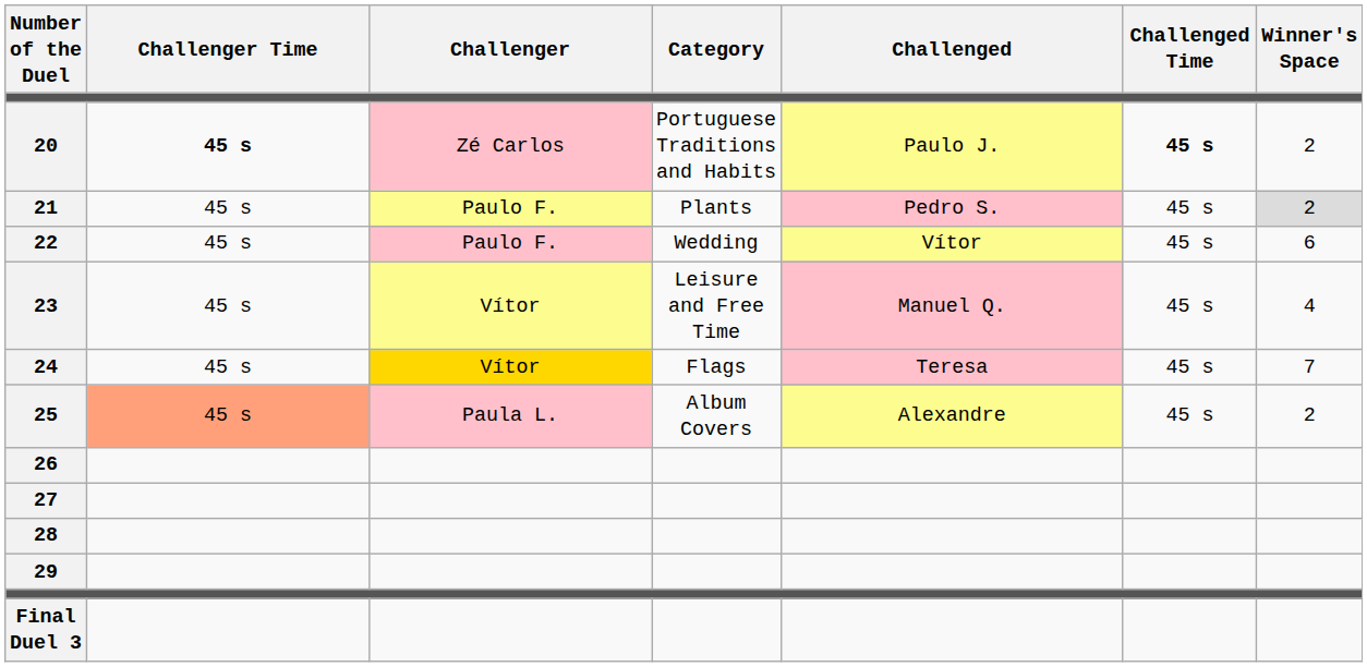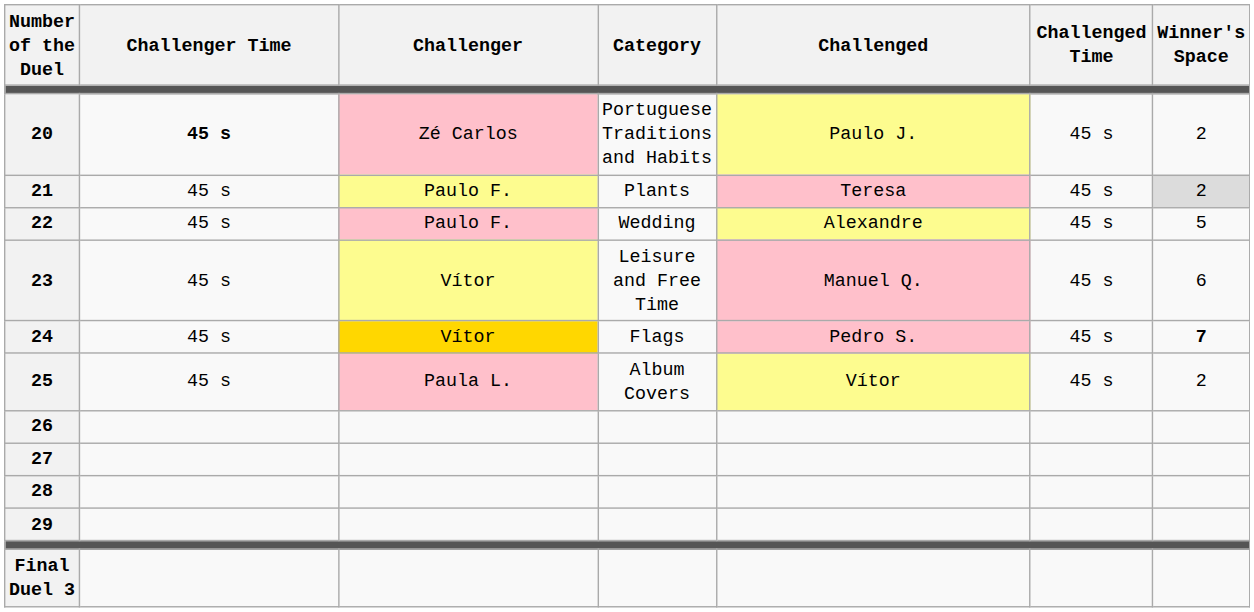 <table class="wikitable" style="text-align:center; line-height:17px; width:100%">
 <tr>
 <th rowspan="1" scope="col" style="width:02%">Number of the Duel</th>
 <th rowspan="1" scope="col" style="width:25%">Challenger Time</th>
 <th rowspan="1" scope="col" style="width:25%">Challenger</th>
 <th rowspan="1" scope="col" style="width:07%">Category</th>
 <th rowspan="1" scope="col" style="width:31%">Challenged</th>
 <th rowspan="1" scope="col" style="width:25%">Challenged Time</th>
 <th rowspan="1" scope="col" style="width:25%">Winner's Space</th>
 </tr>
 <tr>
 <td colspan="7" style="background:#555"></td>
 </tr>
 <tr>
 <th>20</th>
 <td><strong>45 s</strong></td>
 <td style="background: pink;">Zé Carlos</td>
 <td>Portuguese Traditions and Habits</td>
 <td style="background:#fdfc8f;">Paulo J.</td>
-<td><strong>45 s</strong></td>
+<td>45 s</td>
 <td>2</td>
 </tr>
 <tr>
 <th>21</th>
 <td>45 s</td>
 <td style="background: #fdfc8f;">Paulo F.</td>
 <td>Plants</td>
-<td style="background:pink;">Pedro S.</td>
+<td style="background:pink;">Teresa</td>
 <td>45 s</td>
 <td style="background:#DCDCDC; ">2</td>
 </tr>
 <tr>
 <th>22</th>
 <td>45 s</td>
 <td style="background:pink;">Paulo F.</td>
 <td>Wedding</td>
-<td style="background: #fdfc8f;">Vítor</td>
+<td style="background: #fdfc8f;">Alexandre</td>
 <td>45 s</td>
-<td>6</td>
+<td>5</td>
 </tr>
 <tr>
 <th>23</th>
 <td>45 s</td>
 <td style="background: #fdfc8f;">Vítor</td>
 <td>Leisure and Free Time</td>
 <td style="background:pink;">Manuel Q.</td>
 <td>45 s</td>
-<td>4</td>
+<td>6</td>
 </tr>
 <tr>
 <th>24</th>
 <td>45 s</td>
 <td style="background: #FFD700;">Vítor</td>
 <td>Flags</td>
-<td style="background:pink;">Teresa</td>
+<td style="background:pink;">Pedro S.</td>
 <td>45 s</td>
-<td>7</td>
+<td><strong>7</strong></td>
 </tr>
 <tr>
 <th>25</th>
-<td style="background: lightsalmon;">45 s</td>
+<td>45 s</td>
 <td style="background:pink;">Paula L.</td>
 <td>Album Covers</td>
-<td style="background: #fdfc8f;">Alexandre</td>
+<td style="background: #fdfc8f;">Vítor</td>
 <td>45 s</td>
 <td>2</td>
 </tr>
 <tr>
 <th>26</th>
 <td></td>
 <td></td>
 <td></td>
 <td></td>
 <td></td>
 <td></td>
 </tr>
 <tr>
 <th>27</th>
 <td></td>
 <td></td>
 <td></td>
 <td></td>
 <td></td>
 <td></td>
 </tr>
 <tr>
 <th>28</th>
 <td></td>
 <td></td>
 <td></td>
 <td></td>
 <td></td>
 <td></td>
 </tr>
 <tr>
 <th>29</th>
 <td></td>
 <td></td>
 <td></td>
 <td></td>
 <td></td>
 <td></td>
 </tr>
 <tr>
 <td colspan="7" style="background:#555"></td>
 </tr>
 <tr>
 <th>Final Duel  3</th>
 <td></td>
 <td></td>
 <td></td>
 <td></td>
 <td></td>
 <td></td>
 </tr>
 </table>
